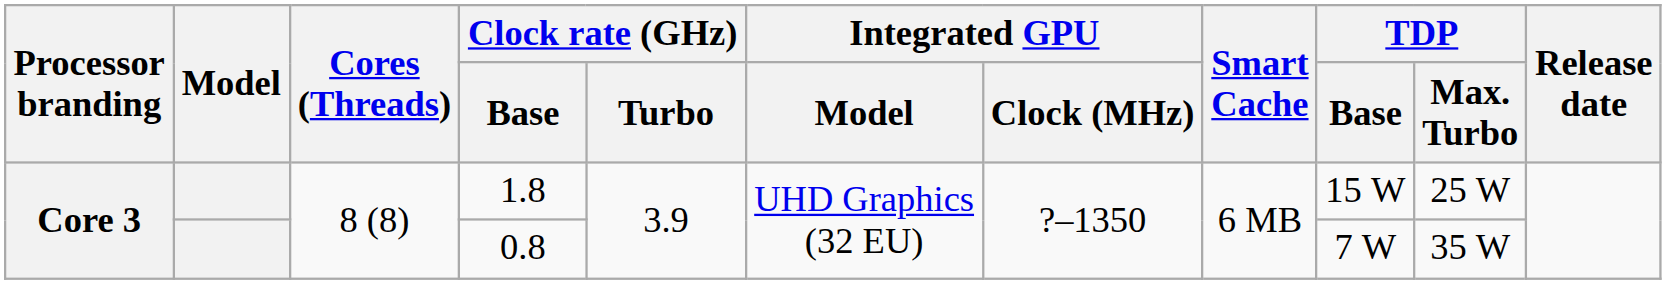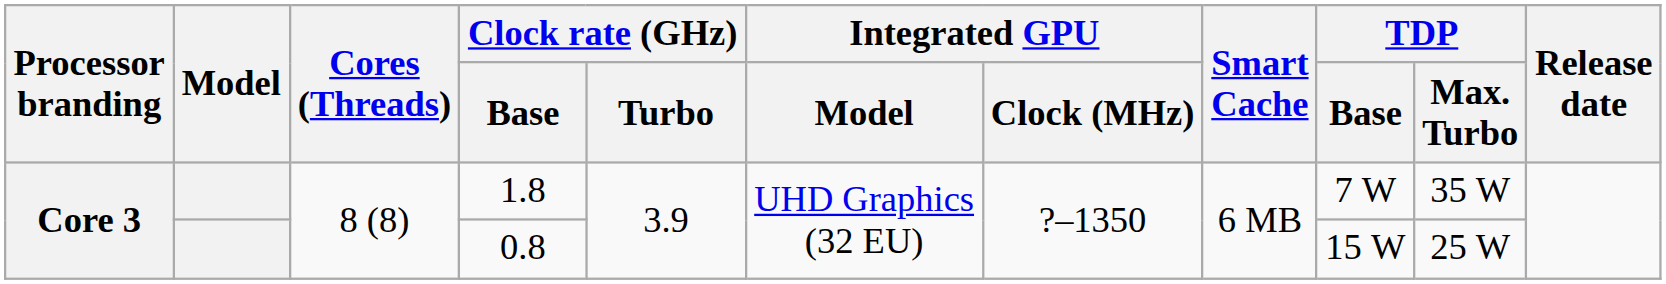 <table class="wikitable sortable nowrap" style="text-align: center;">
 <tr>
 <th class="unsortable" rowspan="2">Processor<br>branding</th>
 <th rowspan="2">Model</th>
 <th class="unsortable" rowspan="2"><a href='#'>Cores</a><br>(<a href='#'>Threads</a>)</th>
 <th colspan="2"><a href='#'>Clock rate</a> (GHz)</th>
 <th colspan="2">Integrated <a href='#'>GPU</a></th>
 <th class="unsortable" rowspan="2"><a href='#'>Smart<br>Cache</a></th>
 <th colspan="2"><a href='#'>TDP</a></th>
 <th rowspan="2">Release<br>date</th>
 </tr>
 <tr>
 <th class="unsortable">Base</th>
 <th class="unsortable">Turbo</th>
 <th class="unsortable">Model</th>
 <th class="unsortable">Clock (MHz)</th>
 <th>Base</th>
 <th class="unsortable">Max.<br>Turbo</th>
 </tr>
 <tr>
 <th rowspan=2>Core 3</th>
 <th style="text-align:left;" data-sort-value="sku2"></th>
 <td rowspan=2>8 (8)</td>
 <td>1.8</td>
 <td rowspan=2>3.9</td>
 <td rowspan=2><a href='#'>UHD Graphics</a><br>(32 EU)</td>
 <td rowspan=2>?–1350</td>
 <td rowspan=2>6 MB</td>
-<td>15 W</td>
-<td>25 W</td>
+<td>7 W</td>
+<td>35 W</td>
 <td rowspan=2></td>
 </tr>
 <tr>
 <th style="text-align:left;" data-sort-value="sku1"></th>
 <td>0.8</td>
-<td>7 W</td>
-<td>35 W</td>
+<td>15 W</td>
+<td>25 W</td>
 </tr>
 </table>
